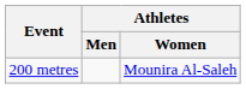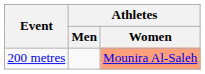 <table class=wikitable style="font-size:90%">
 <tr>
 <th rowspan=2>Event</th>
 <th colspan=2>Athletes</th>
 </tr>
 <tr>
 <th>Men</th>
 <th>Women</th>
 </tr>
 <tr>
 <td><a href='#'>200 metres</a></td>
 <td></td>
-<td><a href='#'>Mounira Al-Saleh</a></td>
+<td style="background: lightsalmon;"><a href='#'>Mounira Al-Saleh</a></td>
 </tr>
 </table>
